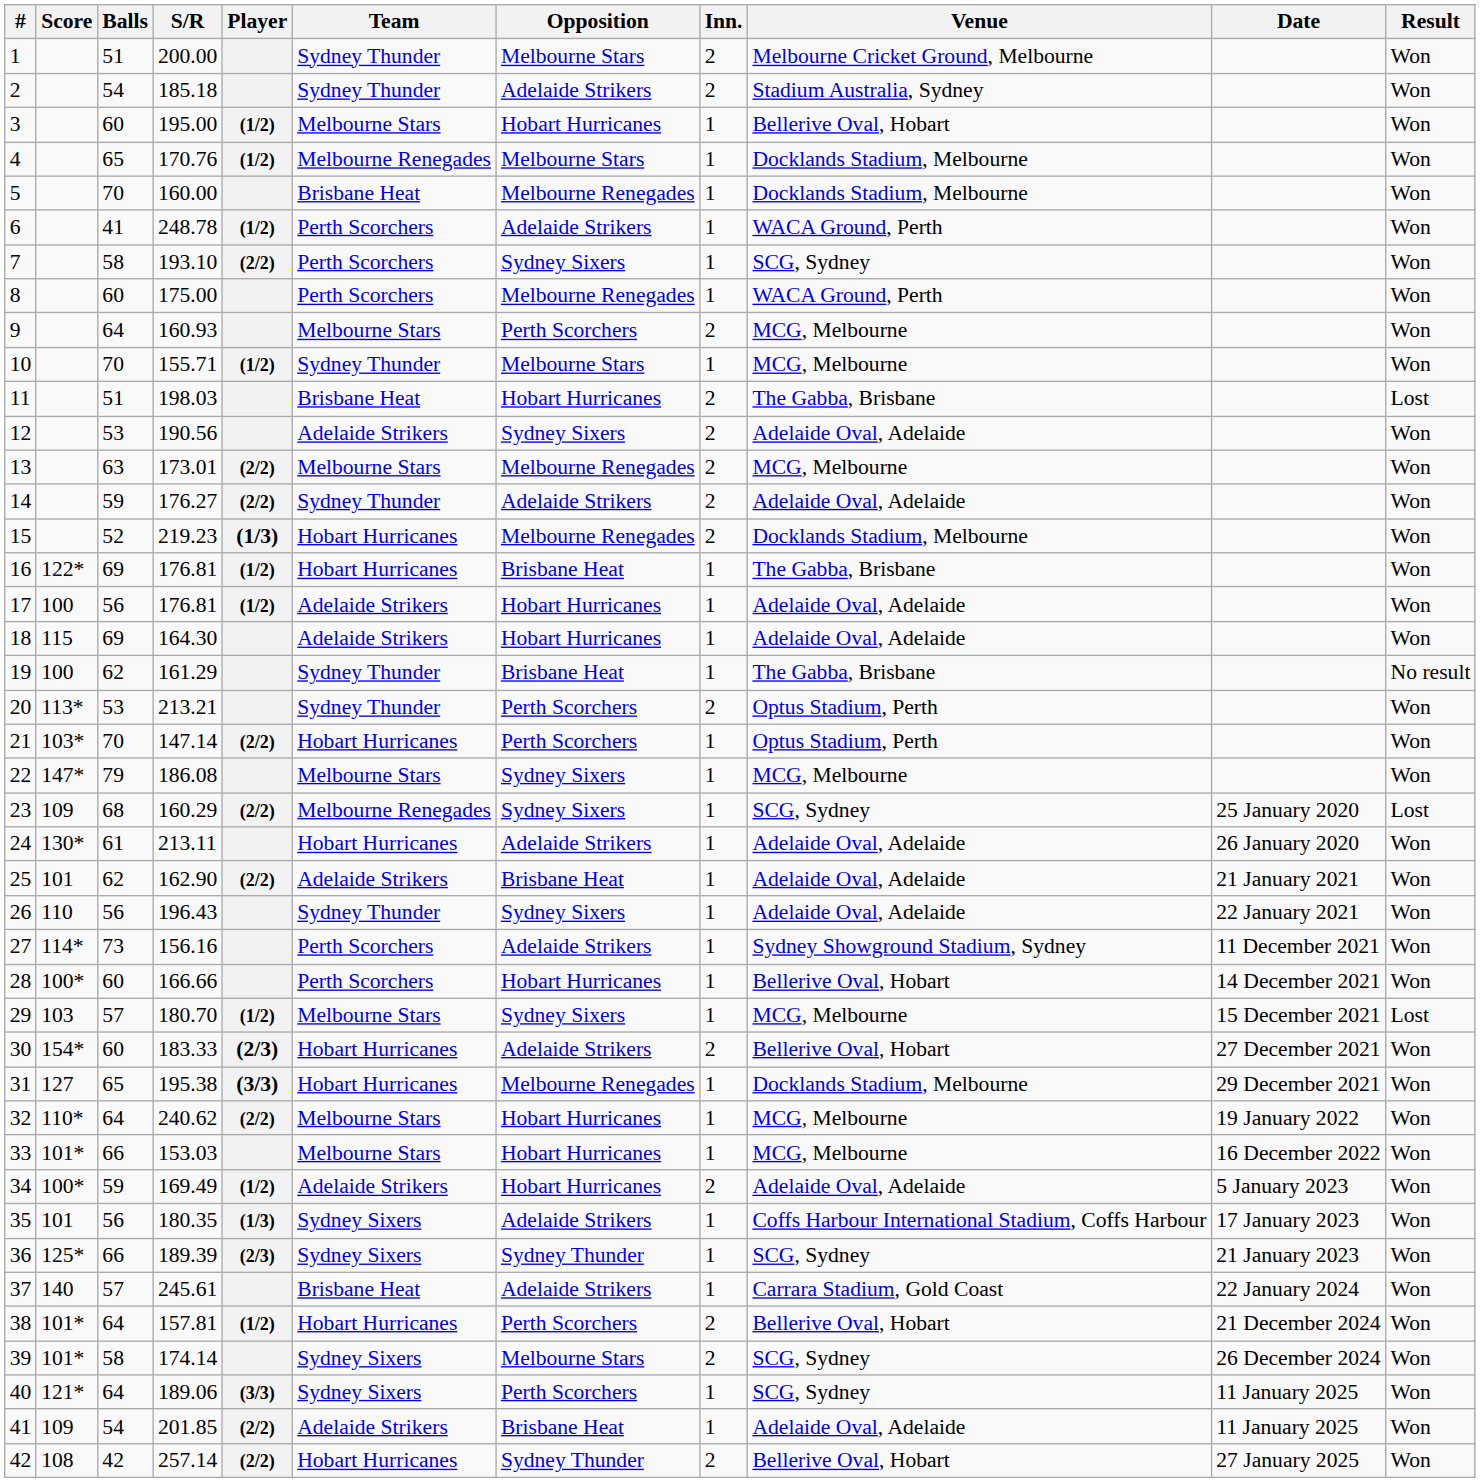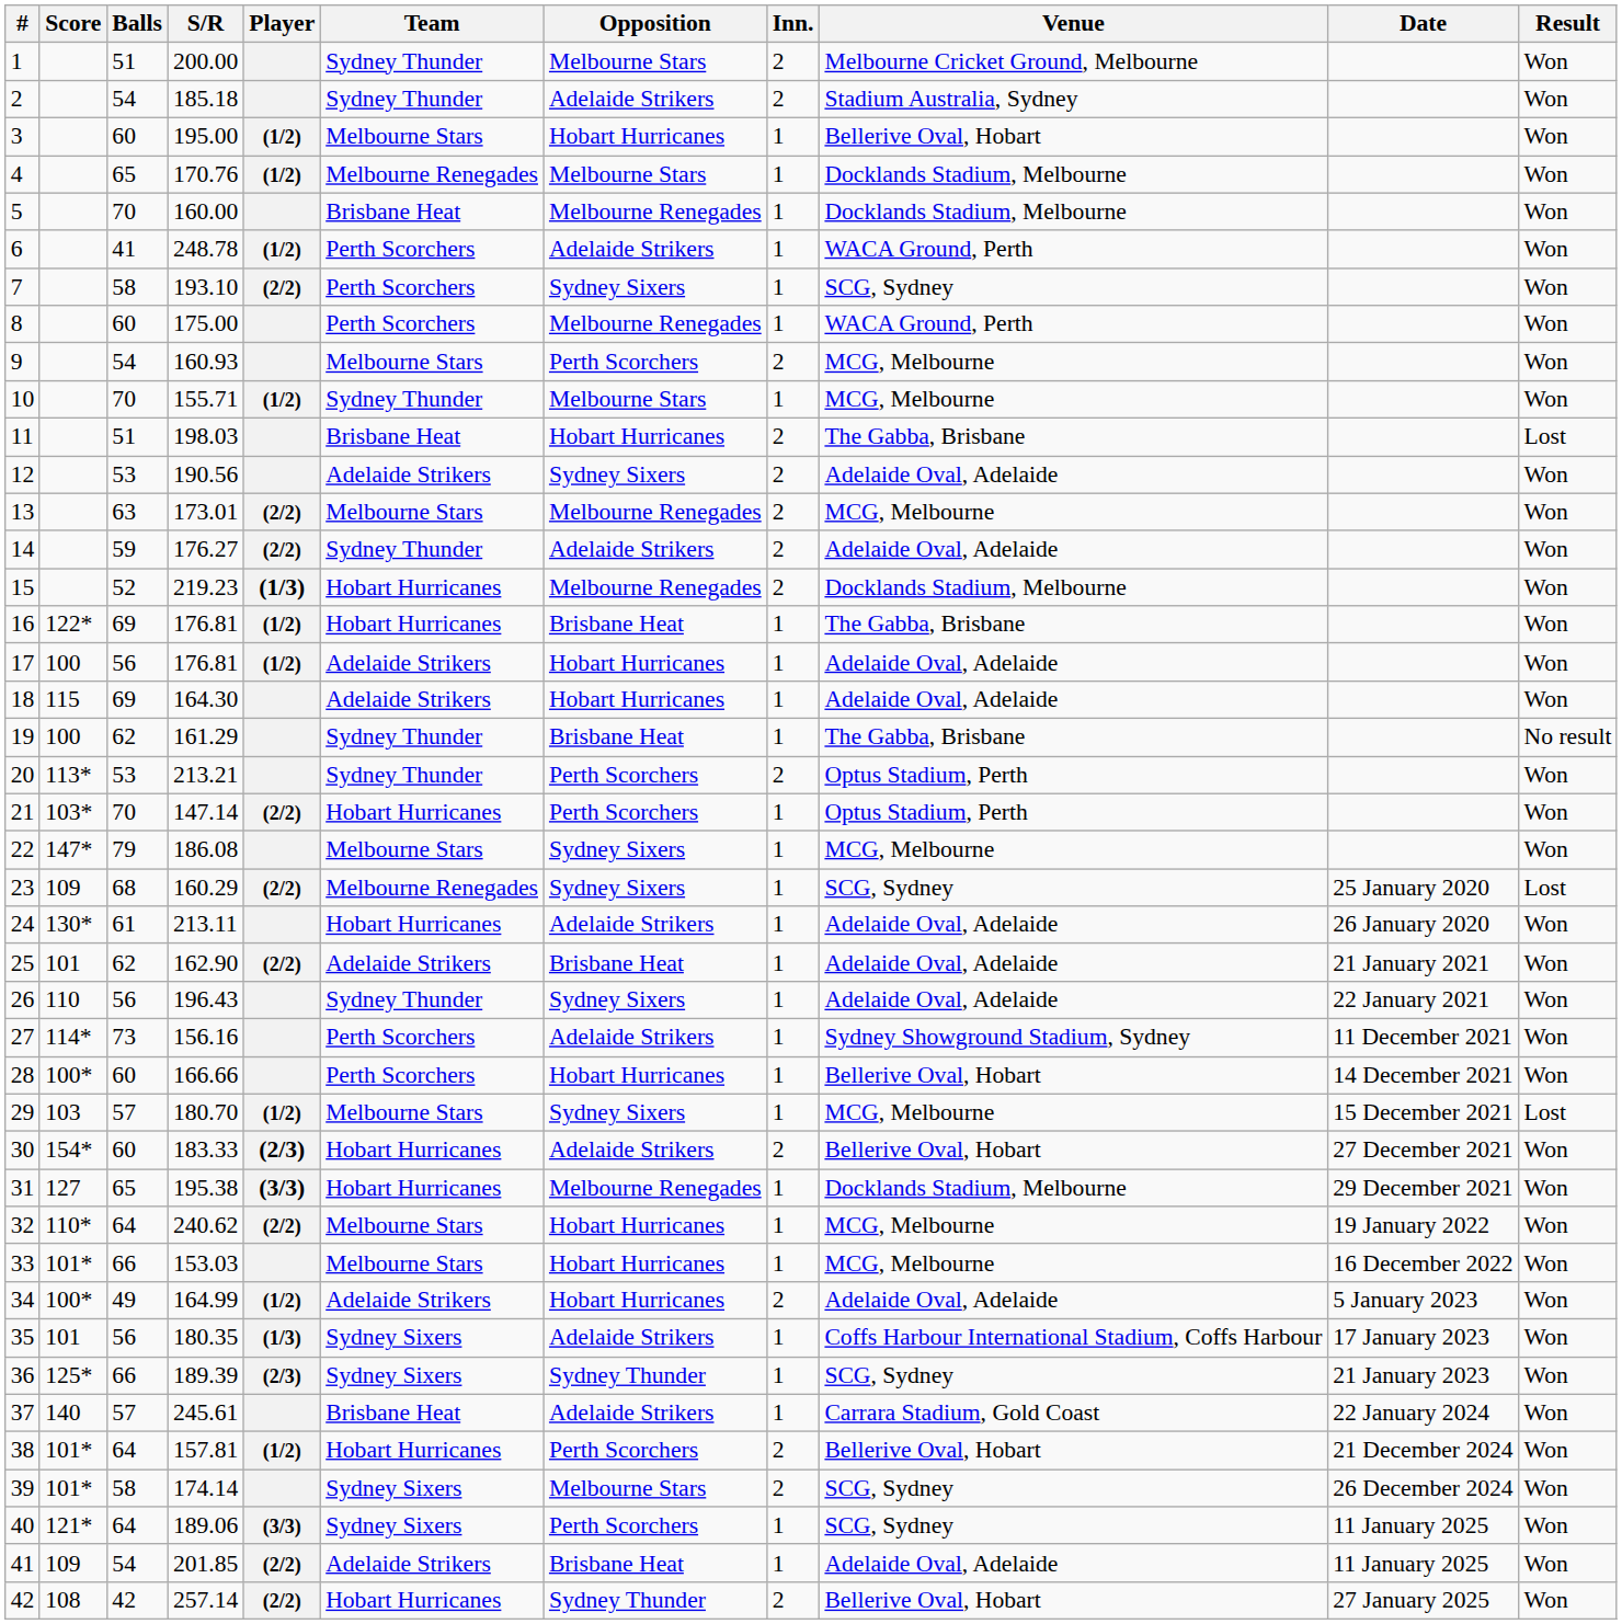 <table class="wikitable plainrowheaders sortable">
 <tr>
 <th scope="col">#</th>
 <th scope="col">Score</th>
 <th scope="col">Balls</th>
 <th scope="col">S/R</th>
 <th scope="col">Player</th>
 <th scope="col">Team</th>
 <th scope="col">Opposition</th>
 <th scope="col">Inn.</th>
 <th scope="col">Venue</th>
 <th scope="col">Date</th>
 <th scope="col" style="white=space:nowrap">Result</th>
 </tr>
 <tr>
 <td>1</td>
 <td></td>
 <td>51</td>
 <td>200.00</td>
 <th scope="row"> </th>
 <td><a href='#'>Sydney Thunder</a></td>
 <td><a href='#'>Melbourne Stars</a></td>
 <td>2</td>
 <td><a href='#'>Melbourne Cricket Ground</a>, Melbourne</td>
 <td></td>
 <td>Won </td>
 </tr>
 <tr>
 <td>2</td>
 <td></td>
 <td>54</td>
 <td>185.18</td>
 <th scope="row"></th>
 <td><a href='#'>Sydney Thunder</a></td>
 <td><a href='#'>Adelaide Strikers</a></td>
 <td>2</td>
 <td><a href='#'>Stadium Australia</a>, Sydney</td>
 <td></td>
 <td>Won </td>
 </tr>
 <tr>
 <td>3</td>
 <td></td>
 <td>60</td>
 <td>195.00</td>
 <th scope="row"> <small>(1/2)</small></th>
 <td><a href='#'>Melbourne Stars</a></td>
 <td><a href='#'>Hobart Hurricanes</a></td>
 <td>1</td>
 <td><a href='#'>Bellerive Oval</a>, Hobart</td>
 <td></td>
 <td>Won </td>
 </tr>
 <tr>
 <td>4</td>
 <td></td>
 <td>65</td>
 <td>170.76</td>
 <th scope="row">  <small>(1/2)</small></th>
 <td><a href='#'>Melbourne Renegades</a></td>
 <td><a href='#'>Melbourne Stars</a></td>
 <td>1</td>
 <td><a href='#'>Docklands Stadium</a>, Melbourne</td>
 <td></td>
 <td>Won </td>
 </tr>
 <tr>
 <td>5</td>
 <td></td>
 <td>70</td>
 <td>160.00</td>
 <th scope="row"></th>
 <td><a href='#'>Brisbane Heat</a></td>
 <td><a href='#'>Melbourne Renegades</a></td>
 <td>1</td>
 <td><a href='#'>Docklands Stadium</a>, Melbourne</td>
 <td></td>
 <td>Won </td>
 </tr>
 <tr>
 <td>6</td>
 <td></td>
 <td>41</td>
 <td>248.78</td>
 <th scope="row"> <small>(1/2)</small></th>
 <td><a href='#'>Perth Scorchers</a></td>
 <td><a href='#'>Adelaide Strikers</a></td>
 <td>1</td>
 <td><a href='#'>WACA Ground</a>, Perth</td>
 <td></td>
 <td>Won </td>
 </tr>
 <tr>
 <td>7</td>
 <td></td>
 <td>58</td>
 <td>193.10</td>
 <th scope="row"> <small>(2/2)</small></th>
 <td><a href='#'>Perth Scorchers</a></td>
 <td><a href='#'>Sydney Sixers</a></td>
 <td>1</td>
 <td><a href='#'>SCG</a>, Sydney</td>
 <td></td>
 <td>Won </td>
 </tr>
 <tr>
 <td>8</td>
 <td></td>
 <td>60</td>
 <td>175.00</td>
 <th scope="row"></th>
 <td><a href='#'>Perth Scorchers</a></td>
 <td><a href='#'>Melbourne Renegades</a></td>
 <td>1</td>
 <td><a href='#'>WACA Ground</a>, Perth</td>
 <td></td>
 <td>Won </td>
 </tr>
 <tr>
 <td>9</td>
 <td></td>
-<td>64</td>
+<td>54</td>
 <td>160.93</td>
 <th scope="row"></th>
 <td><a href='#'>Melbourne Stars</a></td>
 <td><a href='#'>Perth Scorchers</a></td>
 <td>2</td>
 <td><a href='#'>MCG</a>, Melbourne</td>
 <td></td>
 <td>Won </td>
 </tr>
 <tr>
 <td>10</td>
 <td></td>
 <td>70</td>
 <td>155.71</td>
 <th scope="row"> <small>(1/2)</small></th>
 <td><a href='#'>Sydney Thunder</a></td>
 <td><a href='#'>Melbourne Stars</a></td>
 <td>1</td>
 <td><a href='#'>MCG</a>, Melbourne</td>
 <td></td>
 <td>Won </td>
 </tr>
 <tr>
 <td>11</td>
 <td></td>
 <td>51</td>
 <td>198.03</td>
 <th scope="row"> </th>
 <td><a href='#'>Brisbane Heat</a></td>
 <td><a href='#'>Hobart Hurricanes</a></td>
 <td>2</td>
 <td><a href='#'>The Gabba</a>, Brisbane</td>
 <td></td>
 <td>Lost </td>
 </tr>
 <tr>
 <td>12</td>
 <td></td>
 <td>53</td>
 <td>190.56</td>
 <th scope="row"></th>
 <td><a href='#'>Adelaide Strikers</a></td>
 <td><a href='#'>Sydney Sixers</a></td>
 <td>2</td>
 <td><a href='#'>Adelaide Oval</a>, Adelaide</td>
 <td></td>
 <td>Won </td>
 </tr>
 <tr>
 <td>13</td>
 <td></td>
 <td>63</td>
 <td>173.01</td>
 <th scope="row"> <small>(2/2)</small></th>
 <td><a href='#'>Melbourne Stars</a></td>
 <td><a href='#'>Melbourne Renegades</a></td>
 <td>2</td>
 <td><a href='#'>MCG</a>, Melbourne</td>
 <td></td>
 <td>Won </td>
 </tr>
 <tr>
 <td>14</td>
 <td></td>
 <td>59</td>
 <td>176.27</td>
 <th scope="row"> <small>(2/2)</small></th>
 <td><a href='#'>Sydney Thunder</a></td>
 <td><a href='#'>Adelaide Strikers</a></td>
 <td>2</td>
 <td><a href='#'>Adelaide Oval</a>, Adelaide</td>
 <td></td>
 <td>Won </td>
 </tr>
 <tr>
 <td>15</td>
 <td></td>
 <td>52</td>
 <td>219.23</td>
 <th scope="row"> (1/3)</th>
 <td><a href='#'>Hobart Hurricanes</a></td>
 <td><a href='#'>Melbourne Renegades</a></td>
 <td>2</td>
 <td><a href='#'>Docklands Stadium</a>, Melbourne</td>
 <td></td>
 <td>Won </td>
 </tr>
 <tr>
 <td>16</td>
 <td>122*</td>
 <td>69</td>
 <td>176.81</td>
 <th scope="row"> <small>(1/2)</small></th>
 <td><a href='#'>Hobart Hurricanes</a></td>
 <td><a href='#'>Brisbane Heat</a></td>
 <td>1</td>
 <td><a href='#'>The Gabba</a>, Brisbane</td>
 <td></td>
 <td>Won </td>
 </tr>
 <tr>
 <td>17</td>
 <td>100</td>
 <td>56</td>
 <td>176.81</td>
 <th scope="row"> <small>(1/2)</small></th>
 <td><a href='#'>Adelaide Strikers</a></td>
 <td><a href='#'>Hobart Hurricanes</a></td>
 <td>1</td>
 <td><a href='#'>Adelaide Oval</a>, Adelaide</td>
 <td></td>
 <td>Won </td>
 </tr>
 <tr>
 <td>18</td>
 <td>115</td>
 <td>69</td>
 <td>164.30</td>
 <th scope="row"></th>
 <td><a href='#'>Adelaide Strikers</a></td>
 <td><a href='#'>Hobart Hurricanes</a></td>
 <td>1</td>
 <td><a href='#'>Adelaide Oval</a>, Adelaide</td>
 <td></td>
 <td>Won </td>
 </tr>
 <tr>
 <td>19</td>
 <td>100</td>
 <td>62</td>
 <td>161.29</td>
 <th scope="row"> </th>
 <td><a href='#'>Sydney Thunder</a></td>
 <td><a href='#'>Brisbane Heat</a></td>
 <td>1</td>
 <td><a href='#'>The Gabba</a>, Brisbane</td>
 <td></td>
 <td>No result </td>
 </tr>
 <tr>
 <td>20</td>
 <td>113*</td>
 <td>53</td>
 <td>213.21</td>
 <th scope="row"></th>
 <td><a href='#'>Sydney Thunder</a></td>
 <td><a href='#'>Perth Scorchers</a></td>
 <td>2</td>
 <td><a href='#'>Optus Stadium</a>, Perth</td>
 <td></td>
 <td>Won </td>
 </tr>
 <tr>
 <td>21</td>
 <td>103*</td>
 <td>70</td>
 <td>147.14</td>
 <th scope="row"> <small>(2/2)</small></th>
 <td><a href='#'>Hobart Hurricanes</a></td>
 <td><a href='#'>Perth Scorchers</a></td>
 <td>1</td>
 <td><a href='#'>Optus Stadium</a>, Perth</td>
 <td></td>
 <td>Won </td>
 </tr>
 <tr>
 <td>22</td>
 <td>147*</td>
 <td>79</td>
 <td>186.08</td>
 <th scope="row"></th>
 <td><a href='#'>Melbourne Stars</a></td>
 <td><a href='#'>Sydney Sixers</a></td>
 <td>1</td>
 <td><a href='#'>MCG</a>, Melbourne</td>
 <td></td>
 <td>Won </td>
 </tr>
 <tr>
 <td>23</td>
 <td>109</td>
 <td>68</td>
 <td>160.29</td>
 <th scope="row">  <small>(2/2)</small></th>
 <td><a href='#'>Melbourne Renegades</a></td>
 <td><a href='#'>Sydney Sixers</a></td>
 <td>1</td>
 <td><a href='#'>SCG</a>, Sydney</td>
 <td>25 January 2020</td>
 <td>Lost </td>
 </tr>
 <tr>
 <td>24</td>
 <td>130*</td>
 <td>61</td>
 <td>213.11</td>
 <th scope="row"> </th>
 <td><a href='#'>Hobart Hurricanes</a></td>
 <td><a href='#'>Adelaide Strikers</a></td>
 <td>1</td>
 <td><a href='#'>Adelaide Oval</a>, Adelaide</td>
 <td>26 January 2020</td>
 <td>Won </td>
 </tr>
 <tr>
 <td>25</td>
 <td>101</td>
 <td>62</td>
 <td>162.90</td>
 <th scope="row"> <small>(2/2)</small></th>
 <td><a href='#'>Adelaide Strikers</a></td>
 <td><a href='#'>Brisbane Heat</a></td>
 <td>1</td>
 <td><a href='#'>Adelaide Oval</a>, Adelaide</td>
 <td>21 January 2021</td>
 <td>Won </td>
 </tr>
 <tr>
 <td>26</td>
 <td>110</td>
 <td>56</td>
 <td>196.43</td>
 <th scope="row"></th>
 <td><a href='#'>Sydney Thunder</a></td>
 <td><a href='#'>Sydney Sixers</a></td>
 <td>1</td>
 <td><a href='#'>Adelaide Oval</a>, Adelaide</td>
 <td>22 January 2021</td>
 <td>Won </td>
 </tr>
 <tr>
 <td>27</td>
 <td>114*</td>
 <td>73</td>
 <td>156.16</td>
 <th scope="row"></th>
 <td><a href='#'>Perth Scorchers</a></td>
 <td><a href='#'>Adelaide Strikers</a></td>
 <td>1</td>
 <td><a href='#'>Sydney Showground Stadium</a>, Sydney</td>
 <td>11 December 2021</td>
 <td>Won </td>
 </tr>
 <tr>
 <td>28</td>
 <td>100*</td>
 <td>60</td>
 <td>166.66</td>
 <th scope="row"></th>
 <td><a href='#'>Perth Scorchers</a></td>
 <td><a href='#'>Hobart Hurricanes</a></td>
 <td>1</td>
 <td><a href='#'>Bellerive Oval</a>, Hobart</td>
 <td>14 December 2021</td>
 <td>Won </td>
 </tr>
 <tr>
 <td>29</td>
 <td>103</td>
 <td>57</td>
 <td>180.70</td>
 <th scope="row">  <small>(1/2)</small></th>
 <td><a href='#'>Melbourne Stars</a></td>
 <td><a href='#'>Sydney Sixers</a></td>
 <td>1</td>
 <td><a href='#'>MCG</a>, Melbourne</td>
 <td>15 December 2021</td>
 <td>Lost </td>
 </tr>
 <tr>
 <td>30</td>
 <td>154*</td>
 <td>60</td>
 <td>183.33</td>
 <th scope="row"> (2/3)</th>
 <td><a href='#'>Hobart Hurricanes</a></td>
 <td><a href='#'>Adelaide Strikers</a></td>
 <td>2</td>
 <td><a href='#'>Bellerive Oval</a>, Hobart</td>
 <td>27 December 2021</td>
 <td>Won </td>
 </tr>
 <tr>
 <td>31</td>
 <td>127</td>
 <td>65</td>
 <td>195.38</td>
 <th scope="row"> (3/3)</th>
 <td><a href='#'>Hobart Hurricanes</a></td>
 <td><a href='#'>Melbourne Renegades</a></td>
 <td>1</td>
 <td><a href='#'>Docklands Stadium</a>, Melbourne</td>
 <td>29 December 2021</td>
 <td>Won </td>
 </tr>
 <tr>
 <td>32</td>
 <td>110*</td>
 <td>64</td>
 <td>240.62</td>
 <th scope="row">  <small>(2/2)</small></th>
 <td><a href='#'>Melbourne Stars</a></td>
 <td><a href='#'>Hobart Hurricanes</a></td>
 <td>1</td>
 <td><a href='#'>MCG</a>, Melbourne</td>
 <td>19 January 2022</td>
 <td>Won </td>
 </tr>
 <tr>
 <td>33</td>
 <td>101*</td>
 <td>66</td>
 <td>153.03</td>
 <th scope="row"></th>
 <td><a href='#'>Melbourne Stars</a></td>
 <td><a href='#'>Hobart Hurricanes</a></td>
 <td>1</td>
 <td><a href='#'>MCG</a>, Melbourne</td>
 <td>16 December 2022</td>
 <td>Won </td>
 </tr>
 <tr>
 <td>34</td>
 <td>100*</td>
-<td>59</td>
-<td>169.49</td>
+<td>49</td>
+<td>164.99</td>
 <th scope="row">  <small>(1/2)</small></th>
 <td><a href='#'>Adelaide Strikers</a></td>
 <td><a href='#'>Hobart Hurricanes</a></td>
 <td>2</td>
 <td><a href='#'>Adelaide Oval</a>, Adelaide</td>
 <td>5 January 2023</td>
 <td>Won </td>
 </tr>
 <tr>
 <td>35</td>
 <td>101</td>
 <td>56</td>
 <td>180.35</td>
 <th scope="row"> <small>(1/3)</small></th>
 <td><a href='#'>Sydney Sixers</a></td>
 <td><a href='#'>Adelaide Strikers</a></td>
 <td>1</td>
 <td><a href='#'>Coffs Harbour International Stadium</a>, Coffs Harbour</td>
 <td>17 January 2023</td>
 <td>Won </td>
 </tr>
 <tr>
 <td>36</td>
 <td>125*</td>
 <td>66</td>
 <td>189.39</td>
 <th scope="row"> <small>(2/3)</small></th>
 <td><a href='#'>Sydney Sixers</a></td>
 <td><a href='#'>Sydney Thunder</a></td>
 <td>1</td>
 <td><a href='#'>SCG</a>, Sydney</td>
 <td>21 January 2023</td>
 <td>Won </td>
 </tr>
 <tr>
 <td>37</td>
 <td>140</td>
 <td>57</td>
 <td>245.61</td>
 <th scope="row"></th>
 <td><a href='#'>Brisbane Heat</a></td>
 <td><a href='#'>Adelaide Strikers</a></td>
 <td>1</td>
 <td><a href='#'>Carrara Stadium</a>, Gold Coast</td>
 <td>22 January 2024</td>
 <td>Won </td>
 </tr>
 <tr>
 <td>38</td>
 <td>101*</td>
 <td>64</td>
 <td>157.81</td>
 <th scope="row"> <small>(1/2)</small></th>
 <td><a href='#'>Hobart Hurricanes</a></td>
 <td><a href='#'>Perth Scorchers</a></td>
 <td>2</td>
 <td><a href='#'>Bellerive Oval</a>, Hobart</td>
 <td>21 December 2024</td>
 <td>Won </td>
 </tr>
 <tr>
 <td>39</td>
 <td>101*</td>
 <td>58</td>
 <td>174.14</td>
 <th scope="row"></th>
 <td><a href='#'>Sydney Sixers</a></td>
 <td><a href='#'>Melbourne Stars</a></td>
 <td>2</td>
 <td><a href='#'>SCG</a>, Sydney</td>
 <td>26 December 2024</td>
 <td>Won </td>
 </tr>
 <tr>
 <td>40</td>
 <td>121*</td>
 <td>64</td>
 <td>189.06</td>
 <th scope="row"> <small>(3/3)</small></th>
 <td><a href='#'>Sydney Sixers</a></td>
 <td><a href='#'>Perth Scorchers</a></td>
 <td>1</td>
 <td><a href='#'>SCG</a>, Sydney</td>
 <td>11 January 2025</td>
 <td>Won </td>
 </tr>
 <tr>
 <td>41</td>
 <td>109</td>
 <td>54</td>
 <td>201.85</td>
 <th scope="row">  <small>(2/2)</small></th>
 <td><a href='#'>Adelaide Strikers</a></td>
 <td><a href='#'>Brisbane Heat</a></td>
 <td>1</td>
 <td><a href='#'>Adelaide Oval</a>, Adelaide</td>
 <td>11 January 2025</td>
 <td>Won </td>
 </tr>
 <tr>
 <td>42</td>
 <td>108</td>
 <td>42</td>
 <td>257.14</td>
 <th scope="row"> <small>(2/2)</small></th>
 <td><a href='#'>Hobart Hurricanes</a></td>
 <td><a href='#'>Sydney Thunder</a></td>
 <td>2</td>
 <td><a href='#'>Bellerive Oval</a>, Hobart</td>
 <td>27 January 2025</td>
 <td>Won </td>
 </tr>
 <tr>
 </tr>
 </table>
